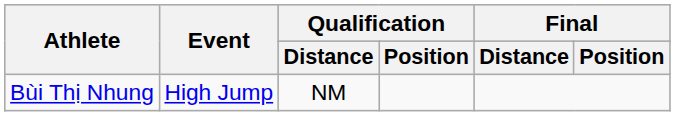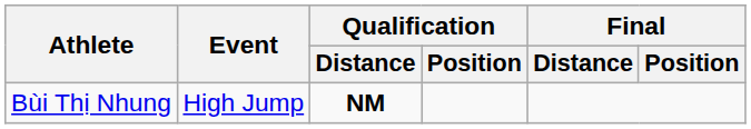 <table class=wikitable style="font-size:90%">
 <tr>
 <th rowspan="2">Athlete</th>
 <th rowspan="2">Event</th>
 <th colspan="2">Qualification</th>
 <th colspan="2">Final</th>
 </tr>
 <tr style="font-size:95%">
 <th>Distance</th>
 <th>Position</th>
 <th>Distance</th>
 <th>Position</th>
 </tr>
 <tr style=text-align:center>
 <td style=text-align:left><a href='#'>Bùi Thị Nhung</a></td>
 <td style=text-align:left rowspan=2><a href='#'>High Jump</a></td>
-<td>NM</td>
+<td><strong>NM</strong></td>
 <td></td>
 </tr>
 </table>
